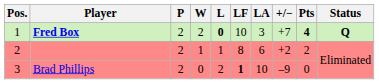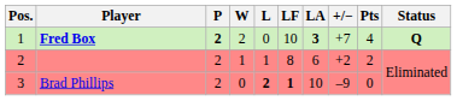 <table class="wikitable" style="text-align:center; margin: 1em auto 1em auto, align:left">
 <tr>
 <th width=20>Pos.</th>
 <th width=185>Player</th>
 <th width=20>P</th>
 <th width=20>W</th>
 <th width=20>L</th>
 <th width=20>LF</th>
 <th width=20>LA</th>
 <th width=25>+/−</th>
 <th width=20>Pts</th>
 <th width=70>Status</th>
 </tr>
 <tr style="background:#D0F0C0;">
 <td>1</td>
 <td align=left> <strong><a href='#'>Fred Box</a></strong></td>
+<td><strong>2</strong></td>
 <td>2</td>
-<td>2</td>
-<td><strong>0</strong></td>
+<td>0</td>
 <td>10</td>
-<td>3</td>
+<td><strong>3</strong></td>
 <td>+7</td>
-<td><strong>4</strong></td>
+<td>4</td>
 <td><strong>Q</strong></td>
 </tr>
 <tr style="background:#FF8888;">
 <td>2</td>
 <td align=left></td>
 <td>2</td>
 <td>1</td>
 <td>1</td>
 <td>8</td>
 <td>6</td>
 <td>+2</td>
 <td>2</td>
 <td rowspan=2>Eliminated</td>
 </tr>
 <tr style="background:#FF8888;">
 <td>3</td>
 <td align=left> <a href='#'>Brad Phillips</a></td>
 <td>2</td>
 <td>0</td>
-<td>2</td>
+<td><strong>2</strong></td>
 <td><strong>1</strong></td>
 <td>10</td>
 <td>–9</td>
 <td>0</td>
 </tr>
 </table>
